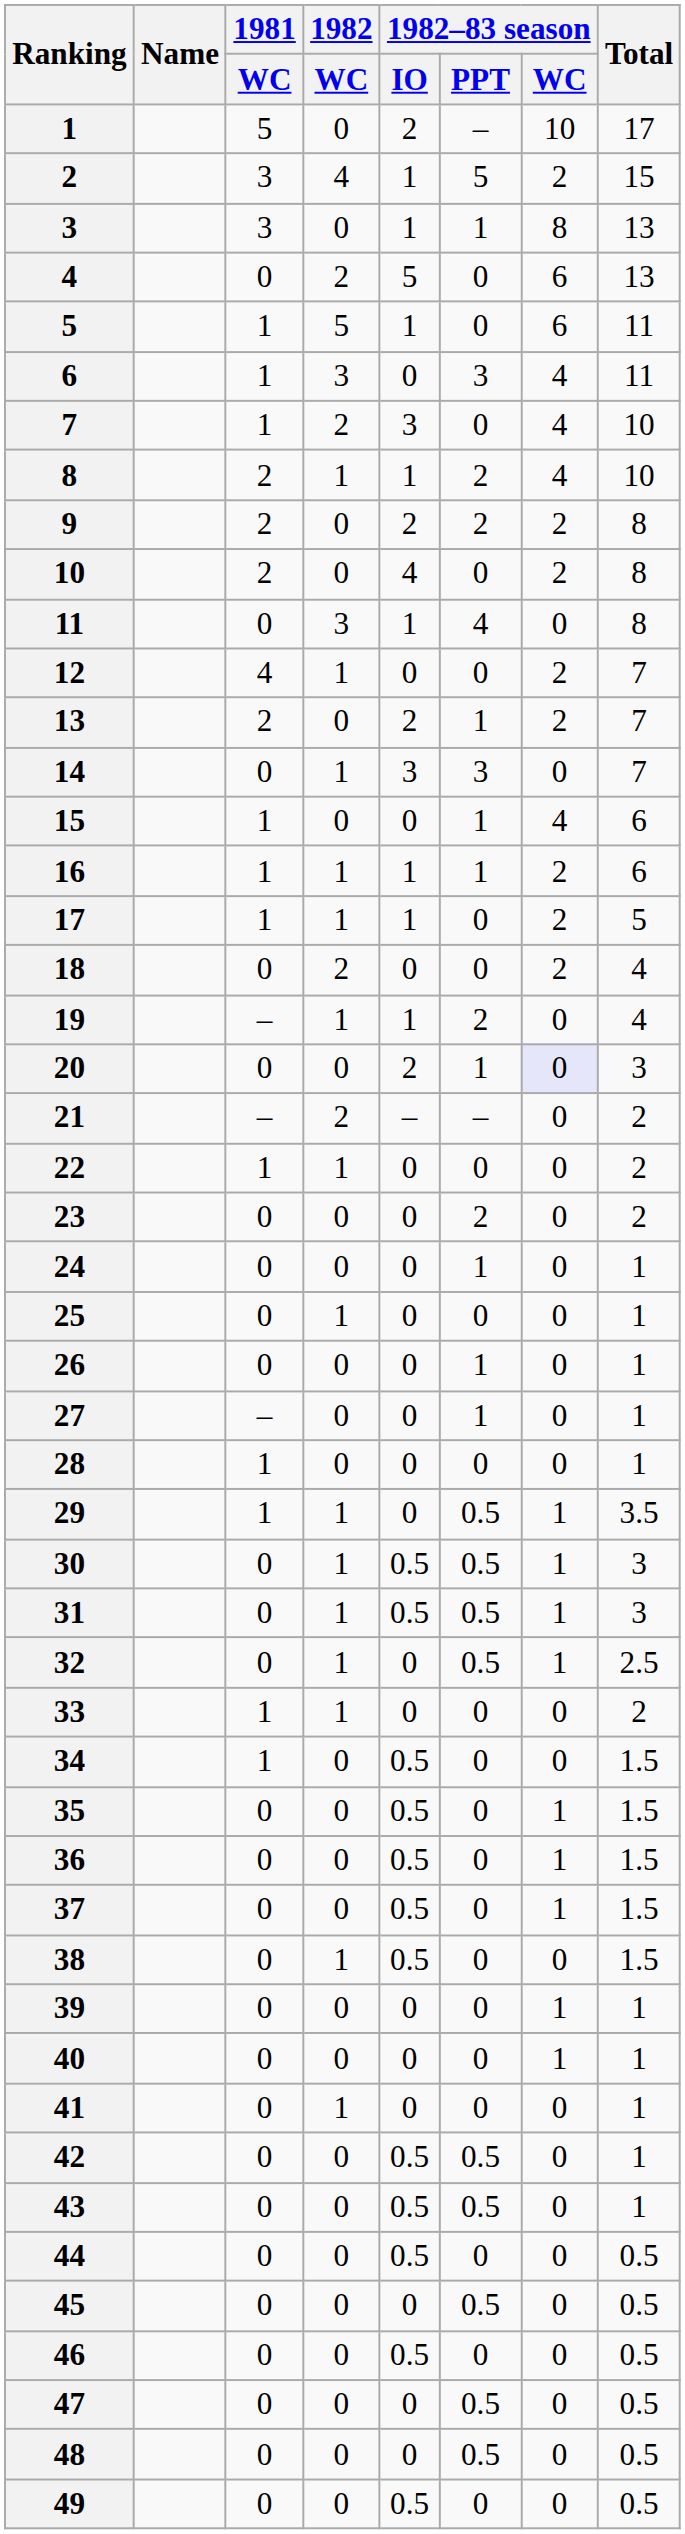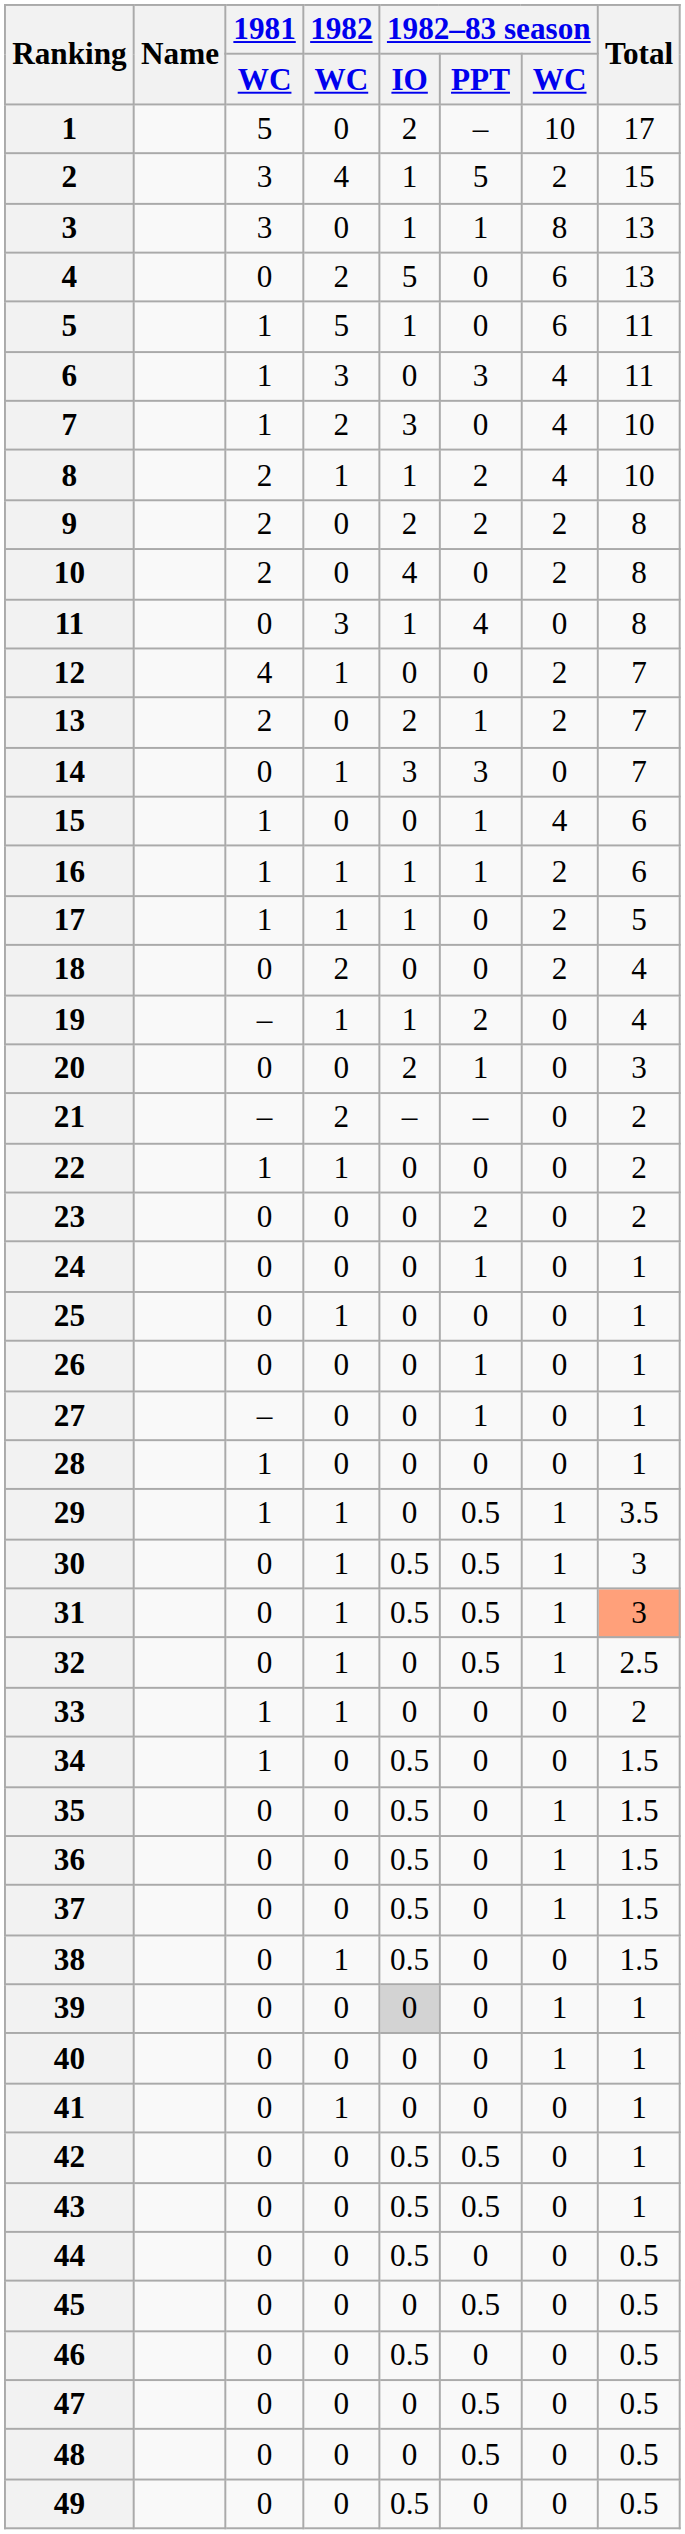 <table class="wikitable sortable" style="text-align:center">
 <tr>
 <th rowspan=2>Ranking</th>
 <th rowspan=2>Name</th>
 <th><a href='#'>1981</a></th>
 <th><a href='#'>1982</a></th>
 <th colspan=3><a href='#'>1982–83 season</a></th>
 <th rowspan=2 data-sort-type=text>Total</th>
 </tr>
 <tr>
 <th data-sort-type=text><a href='#'>WC</a></th>
 <th data-sort-type=text><a href='#'>WC</a></th>
 <th data-sort-type=text><a href='#'>IO</a></th>
 <th data-sort-type=text><a href='#'>PPT</a></th>
 <th data-sort-type=text><a href='#'>WC</a></th>
 </tr>
 <tr>
 <th scope=row>1</th>
 <td data-sort-value="Davis, Steve"  align=left></td>
 <td>5</td>
 <td>0</td>
 <td>2</td>
 <td>–</td>
 <td>10</td>
 <td>17</td>
 </tr>
 <tr>
 <th scope=row>2</th>
 <td data-sort-value="Reardon, Ray"  align=left></td>
 <td>3</td>
 <td>4</td>
 <td>1</td>
 <td>5</td>
 <td>2</td>
 <td>15</td>
 </tr>
 <tr>
 <th scope=row>3</th>
 <td data-sort-value="Thorburn, Cliff"  align=left></td>
 <td>3</td>
 <td>0</td>
 <td>1</td>
 <td>1</td>
 <td>8</td>
 <td>13</td>
 </tr>
 <tr>
 <th scope=row>4</th>
 <td data-sort-value="Knowles, Tony"  align=left></td>
 <td>0</td>
 <td>2</td>
 <td>5</td>
 <td>0</td>
 <td>6</td>
 <td>13</td>
 </tr>
 <tr>
 <th scope=row>5</th>
 <td data-sort-value="Higgins, Alex"  align=left></td>
 <td>1</td>
 <td>5</td>
 <td>1</td>
 <td>0</td>
 <td>6</td>
 <td>11</td>
 </tr>
 <tr>
 <th scope=row>6</th>
 <td data-sort-value="Charlton, Eddie"  align=left></td>
 <td>1</td>
 <td>3</td>
 <td>0</td>
 <td>3</td>
 <td>4</td>
 <td>11</td>
 </tr>
 <tr>
 <th scope=row>7</th>
 <td data-sort-value="Stevens, Kirk"  align=left></td>
 <td>1</td>
 <td>2</td>
 <td>3</td>
 <td>0</td>
 <td>4</td>
 <td>10</td>
 </tr>
 <tr>
 <th scope=row>8</th>
 <td data-sort-value="Werbeniuk, Bill"  align=left></td>
 <td>2</td>
 <td>1</td>
 <td>1</td>
 <td>2</td>
 <td>4</td>
 <td>10</td>
 </tr>
 <tr>
 <th scope=row>9</th>
 <td data-sort-value="Griffiths, Terry"  align=left></td>
 <td>2</td>
 <td>0</td>
 <td>2</td>
 <td>2</td>
 <td>2</td>
 <td>8</td>
 </tr>
 <tr>
 <th scope=row>10</th>
 <td data-sort-value="Taylor, David"  align=left></td>
 <td>2</td>
 <td>0</td>
 <td>4</td>
 <td>0</td>
 <td>2</td>
 <td>8</td>
 </tr>
 <tr>
 <th scope=row>11</th>
 <td data-sort-value="White, Jimmy"  align=left></td>
 <td>0</td>
 <td>3</td>
 <td>1</td>
 <td>4</td>
 <td>0</td>
 <td>8</td>
 </tr>
 <tr>
 <th scope=row>12</th>
 <td data-sort-value="Mountjoy, Doug"  align=left></td>
 <td>4</td>
 <td>1</td>
 <td>0</td>
 <td>0</td>
 <td>2</td>
 <td>7</td>
 </tr>
 <tr>
 <th scope=row>13</th>
 <td data-sort-value="Taylor, Dennis"  align=left></td>
 <td>2</td>
 <td>0</td>
 <td>2</td>
 <td>1</td>
 <td>2</td>
 <td>7</td>
 </tr>
 <tr>
 <th scope=row>14</th>
 <td data-sort-value="Virgo, John"  align=left></td>
 <td>0</td>
 <td>1</td>
 <td>3</td>
 <td>3</td>
 <td>0</td>
 <td>7</td>
 </tr>
 <tr>
 <th scope=row>15</th>
 <td data-sort-value="Meo, Tony"  align=left></td>
 <td>1</td>
 <td>0</td>
 <td>0</td>
 <td>1</td>
 <td>4</td>
 <td>6</td>
 </tr>
 <tr>
 <th scope=row>16</th>
 <td data-sort-value="Spencer, John"  align=left></td>
 <td>1</td>
 <td>1</td>
 <td>1</td>
 <td>1</td>
 <td>2</td>
 <td>6</td>
 </tr>
 <tr>
 <th scope=row>17</th>
 <td data-sort-value="Mans, Perrie"  align=left></td>
 <td>1</td>
 <td>1</td>
 <td>1</td>
 <td>0</td>
 <td>2</td>
 <td>5</td>
 </tr>
 <tr>
 <th scope=row>18</th>
 <td data-sort-value="Thorne, Willie"  align=left></td>
 <td>0</td>
 <td>2</td>
 <td>0</td>
 <td>0</td>
 <td>2</td>
 <td>4</td>
 </tr>
 <tr>
 <th scope=row>19</th>
 <td data-sort-value="Reynolds, Dean"  align=left></td>
 <td>–</td>
 <td>1</td>
 <td>1</td>
 <td>2</td>
 <td>0</td>
 <td>4</td>
 </tr>
 <tr>
 <th scope=row>20</th>
 <td data-sort-value="Wilson, Cliff"  align=left></td>
 <td>0</td>
 <td>0</td>
 <td>2</td>
 <td>1</td>
-<td style="background: lavender;">0</td>
+<td>0</td>
 <td>3</td>
 </tr>
 <tr>
 <th scope=row>21</th>
 <td data-sort-value="Francisco, Silvino"  align=left></td>
 <td>–</td>
 <td>2</td>
 <td>–</td>
 <td>–</td>
 <td>0</td>
 <td>2</td>
 </tr>
 <tr>
 <th scope=row>22</th>
 <td data-sort-value="Miles, Graham"  align=left></td>
 <td>1</td>
 <td>1</td>
 <td>0</td>
 <td>0</td>
 <td>0</td>
 <td>2</td>
 </tr>
 <tr>
 <th scope=row>23</th>
 <td data-sort-value="Johnson, Joe"  align=left></td>
 <td>0</td>
 <td>0</td>
 <td>0</td>
 <td>2</td>
 <td>0</td>
 <td>2</td>
 </tr>
 <tr>
 <th scope=row>24</th>
 <td data-sort-value="Wildman, Mark"  align=left></td>
 <td>0</td>
 <td>0</td>
 <td>0</td>
 <td>1</td>
 <td>0</td>
 <td>1</td>
 </tr>
 <tr>
 <th scope=row>25</th>
 <td data-sort-value="Fagan, Patsy"  align=left></td>
 <td>0</td>
 <td>1</td>
 <td>0</td>
 <td>0</td>
 <td>0</td>
 <td>1</td>
 </tr>
 <tr>
 <th scope=row>26</th>
 <td data-sort-value="Sinclair, Eddie"  align=left></td>
 <td>0</td>
 <td>0</td>
 <td>0</td>
 <td>1</td>
 <td>0</td>
 <td>1</td>
 </tr>
 <tr>
 <th scope=row>27</th>
 <td data-sort-value="MacLeod, Murdo"  align=left></td>
 <td>–</td>
 <td>0</td>
 <td>0</td>
 <td>1</td>
 <td>0</td>
 <td>1</td>
 </tr>
 <tr>
 <th scope=row>28</th>
 <td data-sort-value="Davis, Fred"  align=left></td>
 <td>1</td>
 <td>0</td>
 <td>0</td>
 <td>0</td>
 <td>0</td>
 <td>1</td>
 </tr>
 <tr>
 <th scope=row>29</th>
 <td data-sort-value="Martin, Dave"  align=left></td>
 <td>1</td>
 <td>1</td>
 <td>0</td>
 <td>0.5</td>
 <td>1</td>
 <td>3.5</td>
 </tr>
 <tr>
 <th scope=row>30</th>
 <td data-sort-value="Williams, Rex"  align=left></td>
 <td>0</td>
 <td>1</td>
 <td>0.5</td>
 <td>0.5</td>
 <td>1</td>
 <td>3</td>
 </tr>
 <tr>
 <th scope=row>31</th>
 <td data-sort-value="Meadowcroft, Jim"  align=left></td>
 <td>0</td>
 <td>1</td>
 <td>0.5</td>
 <td>0.5</td>
 <td>1</td>
-<td>3</td>
+<td style="background: lightsalmon;">3</td>
 </tr>
 <tr>
 <th scope=row>32</th>
 <td data-sort-value="Hallett, Mike"  align=left></td>
 <td>0</td>
 <td>1</td>
 <td>0</td>
 <td>0.5</td>
 <td>1</td>
 <td>2.5</td>
 </tr>
 <tr>
 <th scope=row>33</th>
 <td data-sort-value="Dunning, John"  align=left></td>
 <td>1</td>
 <td>1</td>
 <td>0</td>
 <td>0</td>
 <td>0</td>
 <td>2</td>
 </tr>
 <tr>
 <th scope=row>34</th>
 <td data-sort-value="Edmonds, Ray"  align=left></td>
 <td>1</td>
 <td>0</td>
 <td>0.5</td>
 <td>0</td>
 <td>0</td>
 <td>1.5</td>
 </tr>
 <tr>
 <th scope=row>35</th>
 <td data-sort-value="Hughes, Eugene"  align=left></td>
 <td>0</td>
 <td>0</td>
 <td>0.5</td>
 <td>0</td>
 <td>1</td>
 <td>1.5</td>
 </tr>
 <tr>
 <th scope=row>36</th>
 <td data-sort-value="Dodd, Les"  align=left></td>
 <td>0</td>
 <td>0</td>
 <td>0.5</td>
 <td>0</td>
 <td>1</td>
 <td>1.5</td>
 </tr>
 <tr>
 <th scope=row>37</th>
 <td data-sort-value="Fisher, Mick"  align=left></td>
 <td>0</td>
 <td>0</td>
 <td>0.5</td>
 <td>0</td>
 <td>1</td>
 <td>1.5</td>
 </tr>
 <tr>
 <th scope=row>38</th>
 <td data-sort-value="Fitzmaurice, Jack"  align=left></td>
 <td>0</td>
 <td>1</td>
 <td>0.5</td>
 <td>0</td>
 <td>0</td>
 <td>1.5</td>
 </tr>
 <tr>
 <th scope=row>39</th>
 <td data-sort-value="Campbell, John"  align=left></td>
 <td>0</td>
 <td>0</td>
-<td>0</td>
+<td style="background: lightgrey;">0</td>
 <td>0</td>
 <td>1</td>
 <td>1</td>
 </tr>
 <tr>
 <th scope=row>40</th>
 <td data-sort-value="Black, Ian"  align=left></td>
 <td>0</td>
 <td>0</td>
 <td>0</td>
 <td>0</td>
 <td>1</td>
 <td>1</td>
 </tr>
 <tr>
 <th scope=row>41</th>
 <td data-sort-value="Donnelly, Jim"  align=left></td>
 <td>0</td>
 <td>1</td>
 <td>0</td>
 <td>0</td>
 <td>0</td>
 <td>1</td>
 </tr>
 <tr>
 <th scope=row>42</th>
 <td data-sort-value="Watterson, Mike"  align=left></td>
 <td>0</td>
 <td>0</td>
 <td>0.5</td>
 <td>0.5</td>
 <td>0</td>
 <td>1</td>
 </tr>
 <tr>
 <th scope=row>43</th>
 <td data-sort-value="Wych, Jim"  align=left></td>
 <td>0</td>
 <td>0</td>
 <td>0.5</td>
 <td>0.5</td>
 <td>0</td>
 <td>1</td>
 </tr>
 <tr>
 <th scope=row>44</th>
 <td data-sort-value="Kelly, Billy"  align=left></td>
 <td>0</td>
 <td>0</td>
 <td>0.5</td>
 <td>0</td>
 <td>0</td>
 <td>0.5</td>
 </tr>
 <tr>
 <th scope=row>45</th>
 <td data-sort-value="Jonik, Frank"  align=left></td>
 <td>0</td>
 <td>0</td>
 <td>0</td>
 <td>0.5</td>
 <td>0</td>
 <td>0.5</td>
 </tr>
 <tr>
 <th scope=row>46</th>
 <td data-sort-value="Roscoe, Colin"  align=left></td>
 <td>0</td>
 <td>0</td>
 <td>0.5</td>
 <td>0</td>
 <td>0</td>
 <td>0.5</td>
 </tr>
 <tr>
 <th scope=row>47</th>
 <td data-sort-value="Everton, Clive"  align=left></td>
 <td>0</td>
 <td>0</td>
 <td>0</td>
 <td>0.5</td>
 <td>0</td>
 <td>0.5</td>
 </tr>
 <tr>
 <th scope=row>48</th>
 <td data-sort-value="Rea, Jackie"  align=left></td>
 <td>0</td>
 <td>0</td>
 <td>0</td>
 <td>0.5</td>
 <td>0</td>
 <td>0.5</td>
 </tr>
 <tr>
 <th scope=row>49</th>
 <td data-sort-value="Scott, George"  align=left></td>
 <td>0</td>
 <td>0</td>
 <td>0.5</td>
 <td>0</td>
 <td>0</td>
 <td>0.5</td>
 </tr>
 </table>
